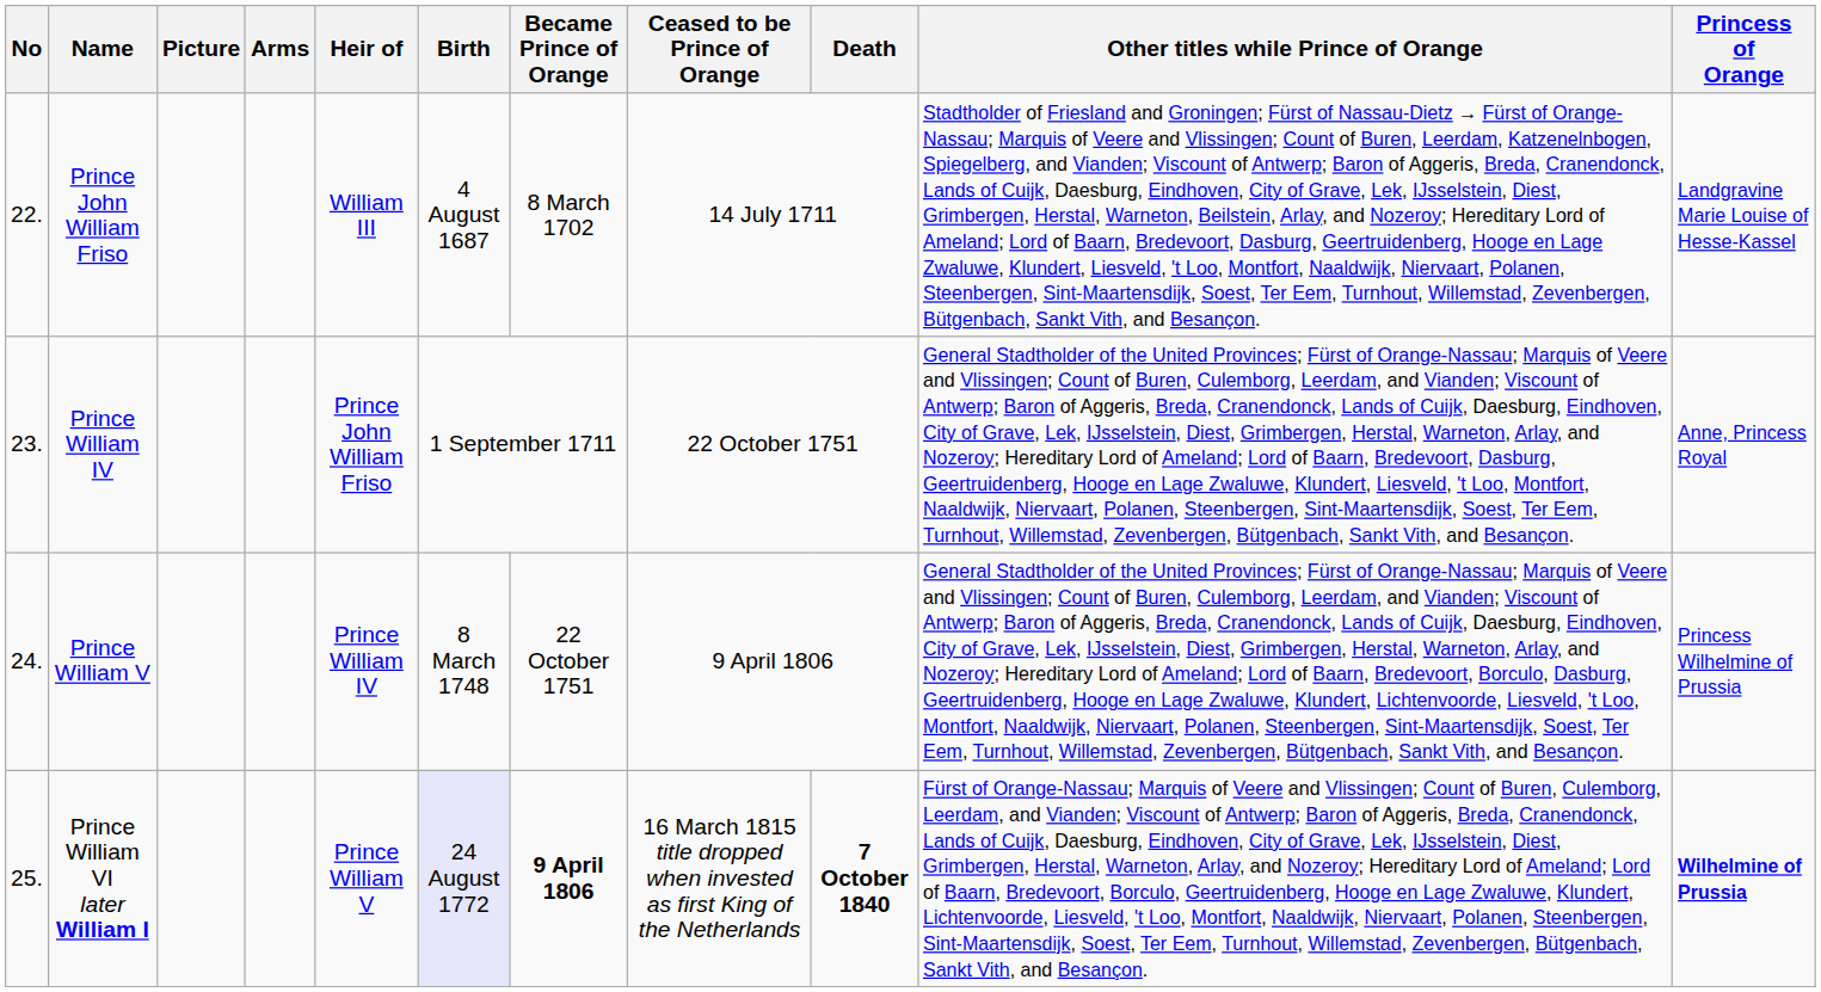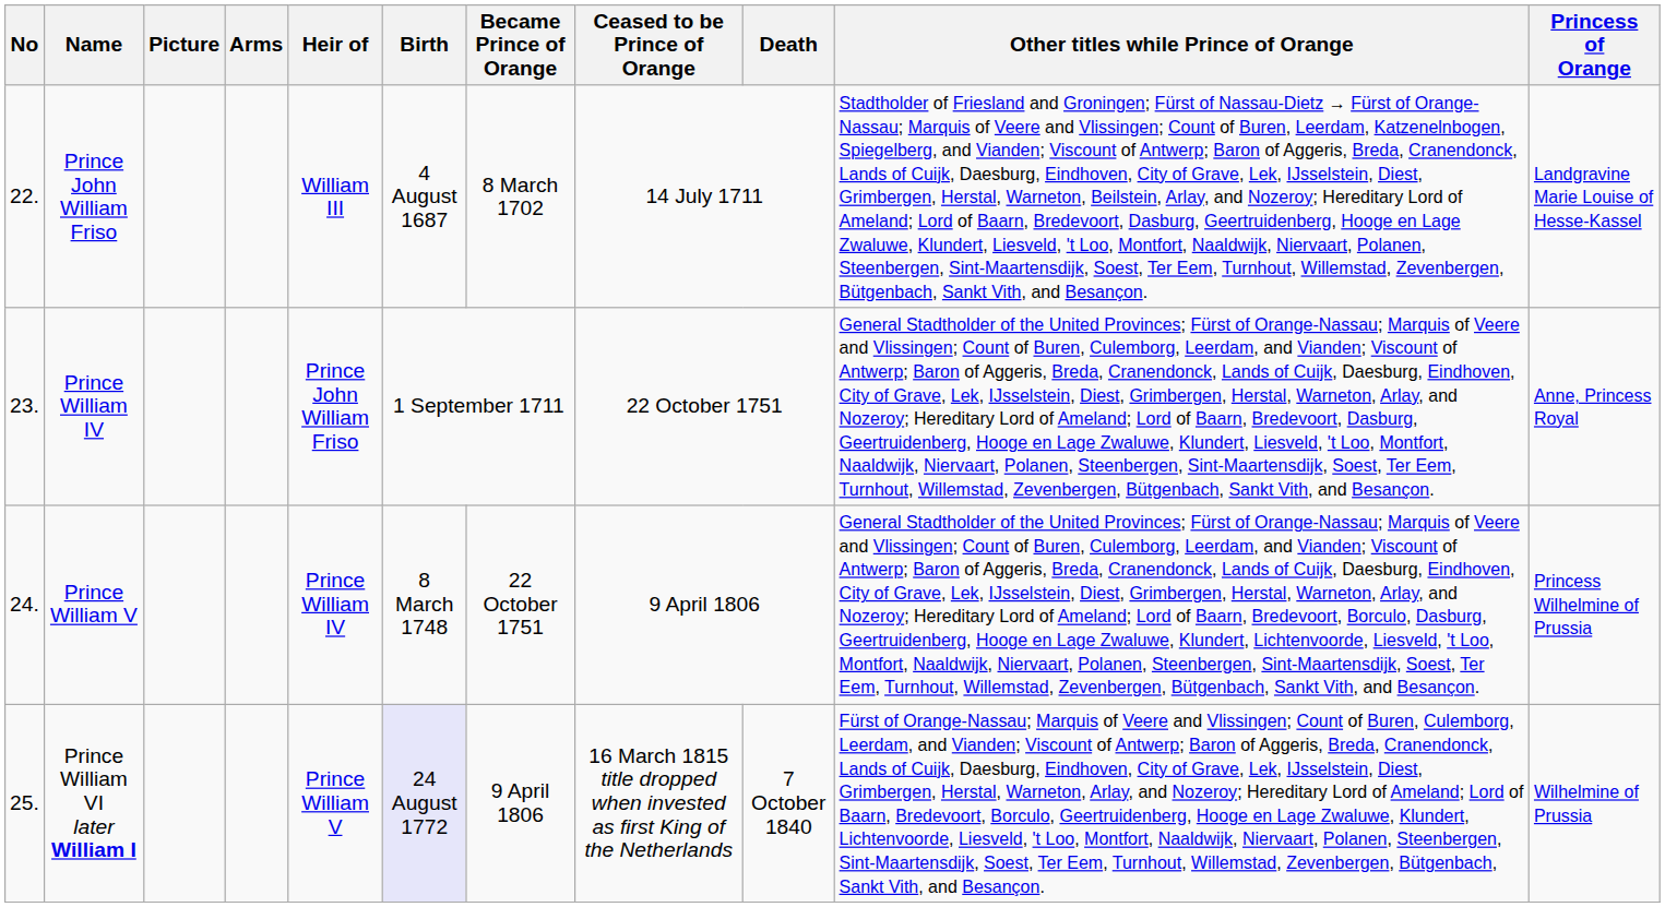 <table width=100% class="wikitable">
 <tr>
 <th>No</th>
 <th>Name</th>
 <th>Picture</th>
 <th>Arms</th>
 <th>Heir of</th>
 <th>Birth</th>
 <th>Became Prince of Orange</th>
 <th>Ceased to be Prince of Orange</th>
 <th>Death</th>
 <th>Other titles while Prince of Orange</th>
 <th><a href='#'>Princess<br>of<br>Orange</a></th>
 </tr>
 <tr>
 <td align="center">22.</td>
 <td align="center"><a href='#'>Prince John William Friso</a></td>
 <td align="center"></td>
 <td align="center"></td>
 <td align="center"><a href='#'>William III</a></td>
 <td align="center">4 August 1687</td>
 <td align="center">8 March 1702</td>
 <td align="center" colspan="2">14 July 1711</td>
 <td align="left"><small><a href='#'>Stadtholder</a> of <a href='#'>Friesland</a> and <a href='#'>Groningen</a>; <a href='#'>Fürst of Nassau-Dietz</a> → <a href='#'>Fürst of Orange-Nassau</a>; <a href='#'>Marquis</a> of <a href='#'>Veere</a> and <a href='#'>Vlissingen</a>; <a href='#'>Count</a> of <a href='#'>Buren</a>, <a href='#'>Leerdam</a>, <a href='#'>Katzenelnbogen</a>, <a href='#'>Spiegelberg</a>, and <a href='#'>Vianden</a>; <a href='#'>Viscount</a> of <a href='#'>Antwerp</a>; <a href='#'>Baron</a> of Aggeris, <a href='#'>Breda</a>, <a href='#'>Cranendonck</a>, <a href='#'>Lands of Cuijk</a>, Daesburg, <a href='#'>Eindhoven</a>, <a href='#'>City of Grave</a>, <a href='#'>Lek</a>, <a href='#'>IJsselstein</a>, <a href='#'>Diest</a>, <a href='#'>Grimbergen</a>, <a href='#'>Herstal</a>, <a href='#'>Warneton</a>, <a href='#'>Beilstein</a>, <a href='#'>Arlay</a>, and <a href='#'>Nozeroy</a>; Hereditary Lord of <a href='#'>Ameland</a>; <a href='#'>Lord</a> of <a href='#'>Baarn</a>, <a href='#'>Bredevoort</a>, <a href='#'>Dasburg</a>, <a href='#'>Geertruidenberg</a>, <a href='#'>Hooge en Lage Zwaluwe</a>, <a href='#'>Klundert</a>, <a href='#'>Liesveld</a>, <a href='#'>'t Loo</a>, <a href='#'>Montfort</a>, <a href='#'>Naaldwijk</a>, <a href='#'>Niervaart</a>, <a href='#'>Polanen</a>, <a href='#'>Steenbergen</a>, <a href='#'>Sint-Maartensdijk</a>, <a href='#'>Soest</a>, <a href='#'>Ter Eem</a>, <a href='#'>Turnhout</a>, <a href='#'>Willemstad</a>, <a href='#'>Zevenbergen</a>, <a href='#'>Bütgenbach</a>, <a href='#'>Sankt Vith</a>, and <a href='#'>Besançon</a>.</small></td>
 <td><small><a href='#'>Landgravine Marie Louise of Hesse-Kassel</a></small></td>
 </tr>
 <tr>
 <td align="center">23.</td>
 <td align="center"><a href='#'>Prince William IV</a></td>
 <td align="center"></td>
 <td align="center"></td>
 <td align="center"><a href='#'>Prince John William Friso</a></td>
 <td align="center" colspan="2">1 September 1711</td>
 <td align="center" colspan="2">22 October 1751</td>
 <td align="left"><small><a href='#'>General Stadtholder of the United Provinces</a>; <a href='#'>Fürst of Orange-Nassau</a>; <a href='#'>Marquis</a> of <a href='#'>Veere</a> and <a href='#'>Vlissingen</a>; <a href='#'>Count</a> of <a href='#'>Buren</a>, <a href='#'>Culemborg</a>, <a href='#'>Leerdam</a>, and <a href='#'>Vianden</a>; <a href='#'>Viscount</a> of <a href='#'>Antwerp</a>; <a href='#'>Baron</a> of Aggeris, <a href='#'>Breda</a>, <a href='#'>Cranendonck</a>, <a href='#'>Lands of Cuijk</a>, Daesburg, <a href='#'>Eindhoven</a>, <a href='#'>City of Grave</a>, <a href='#'>Lek</a>, <a href='#'>IJsselstein</a>, <a href='#'>Diest</a>, <a href='#'>Grimbergen</a>, <a href='#'>Herstal</a>, <a href='#'>Warneton</a>, <a href='#'>Arlay</a>, and <a href='#'>Nozeroy</a>; Hereditary Lord of <a href='#'>Ameland</a>; <a href='#'>Lord</a> of <a href='#'>Baarn</a>, <a href='#'>Bredevoort</a>, <a href='#'>Dasburg</a>, <a href='#'>Geertruidenberg</a>, <a href='#'>Hooge en Lage Zwaluwe</a>, <a href='#'>Klundert</a>, <a href='#'>Liesveld</a>, <a href='#'>'t Loo</a>, <a href='#'>Montfort</a>, <a href='#'>Naaldwijk</a>, <a href='#'>Niervaart</a>, <a href='#'>Polanen</a>, <a href='#'>Steenbergen</a>, <a href='#'>Sint-Maartensdijk</a>, <a href='#'>Soest</a>, <a href='#'>Ter Eem</a>, <a href='#'>Turnhout</a>, <a href='#'>Willemstad</a>, <a href='#'>Zevenbergen</a>, <a href='#'>Bütgenbach</a>, <a href='#'>Sankt Vith</a>, and <a href='#'>Besançon</a>.</small></td>
 <td><small><a href='#'>Anne, Princess Royal</a></small></td>
 </tr>
 <tr>
 <td align="center">24.</td>
 <td align="center"><a href='#'>Prince William V</a></td>
 <td align="center"></td>
 <td align="center"></td>
 <td align="center"><a href='#'>Prince William IV</a></td>
 <td align="center">8 March 1748</td>
 <td align="center">22 October 1751</td>
 <td align="center" colspan="2">9 April 1806</td>
 <td align="left"><small><a href='#'>General Stadtholder of the United Provinces</a>; <a href='#'>Fürst of Orange-Nassau</a>; <a href='#'>Marquis</a> of <a href='#'>Veere</a> and <a href='#'>Vlissingen</a>; <a href='#'>Count</a> of <a href='#'>Buren</a>, <a href='#'>Culemborg</a>, <a href='#'>Leerdam</a>, and <a href='#'>Vianden</a>; <a href='#'>Viscount</a> of <a href='#'>Antwerp</a>; <a href='#'>Baron</a> of Aggeris, <a href='#'>Breda</a>, <a href='#'>Cranendonck</a>, <a href='#'>Lands of Cuijk</a>, Daesburg, <a href='#'>Eindhoven</a>, <a href='#'>City of Grave</a>, <a href='#'>Lek</a>, <a href='#'>IJsselstein</a>, <a href='#'>Diest</a>, <a href='#'>Grimbergen</a>, <a href='#'>Herstal</a>, <a href='#'>Warneton</a>, <a href='#'>Arlay</a>, and <a href='#'>Nozeroy</a>; Hereditary Lord of <a href='#'>Ameland</a>; <a href='#'>Lord</a> of <a href='#'>Baarn</a>, <a href='#'>Bredevoort</a>, <a href='#'>Borculo</a>, <a href='#'>Dasburg</a>, <a href='#'>Geertruidenberg</a>, <a href='#'>Hooge en Lage Zwaluwe</a>, <a href='#'>Klundert</a>, <a href='#'>Lichtenvoorde</a>, <a href='#'>Liesveld</a>, <a href='#'>'t Loo</a>, <a href='#'>Montfort</a>, <a href='#'>Naaldwijk</a>, <a href='#'>Niervaart</a>, <a href='#'>Polanen</a>, <a href='#'>Steenbergen</a>, <a href='#'>Sint-Maartensdijk</a>, <a href='#'>Soest</a>, <a href='#'>Ter Eem</a>, <a href='#'>Turnhout</a>, <a href='#'>Willemstad</a>, <a href='#'>Zevenbergen</a>, <a href='#'>Bütgenbach</a>, <a href='#'>Sankt Vith</a>, and <a href='#'>Besançon</a>.</small></td>
 <td><small><a href='#'>Princess Wilhelmine of Prussia</a></small></td>
 </tr>
 <tr>
 <td align="center">25.</td>
 <td align="center">Prince William VI<br><em>later</em> <strong><a href='#'>William I</a></strong></td>
 <td align="center"></td>
 <td align="center"></td>
 <td align="center"><a href='#'>Prince William V</a></td>
 <td align="center" style="background: lavender;">24 August 1772</td>
-<td align="center"><strong>9 April 1806</strong></td>
+<td align="center">9 April 1806</td>
 <td align="center">16 March 1815<br><em>title dropped when invested as first King of the Netherlands</em></td>
-<td align="center"><strong>7 October 1840</strong></td>
+<td align="center">7 October 1840</td>
 <td align="left"><small><a href='#'>Fürst of Orange-Nassau</a>; <a href='#'>Marquis</a> of <a href='#'>Veere</a> and <a href='#'>Vlissingen</a>; <a href='#'>Count</a> of <a href='#'>Buren</a>, <a href='#'>Culemborg</a>, <a href='#'>Leerdam</a>, and <a href='#'>Vianden</a>; <a href='#'>Viscount</a> of <a href='#'>Antwerp</a>; <a href='#'>Baron</a> of Aggeris, <a href='#'>Breda</a>, <a href='#'>Cranendonck</a>, <a href='#'>Lands of Cuijk</a>, Daesburg, <a href='#'>Eindhoven</a>, <a href='#'>City of Grave</a>, <a href='#'>Lek</a>, <a href='#'>IJsselstein</a>, <a href='#'>Diest</a>, <a href='#'>Grimbergen</a>, <a href='#'>Herstal</a>, <a href='#'>Warneton</a>, <a href='#'>Arlay</a>, and <a href='#'>Nozeroy</a>; Hereditary Lord of <a href='#'>Ameland</a>; <a href='#'>Lord</a> of <a href='#'>Baarn</a>, <a href='#'>Bredevoort</a>, <a href='#'>Borculo</a>, <a href='#'>Geertruidenberg</a>, <a href='#'>Hooge en Lage Zwaluwe</a>, <a href='#'>Klundert</a>, <a href='#'>Lichtenvoorde</a>, <a href='#'>Liesveld</a>, <a href='#'>'t Loo</a>, <a href='#'>Montfort</a>, <a href='#'>Naaldwijk</a>, <a href='#'>Niervaart</a>, <a href='#'>Polanen</a>, <a href='#'>Steenbergen</a>, <a href='#'>Sint-Maartensdijk</a>, <a href='#'>Soest</a>, <a href='#'>Ter Eem</a>, <a href='#'>Turnhout</a>, <a href='#'>Willemstad</a>, <a href='#'>Zevenbergen</a>, <a href='#'>Bütgenbach</a>, <a href='#'>Sankt Vith</a>, and <a href='#'>Besançon</a>.</small></td>
-<td><strong><small><a href='#'>Wilhelmine of Prussia</a></small></strong></td>
+<td><small><a href='#'>Wilhelmine of Prussia</a></small></td>
 </tr>
 <tr>
 </tr>
 </table>
